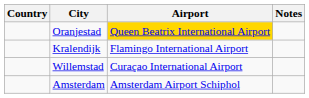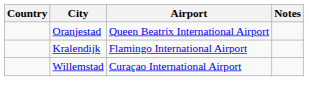 <table class="sortable wikitable">
 <tr>
 <th>Country</th>
 <th>City</th>
 <th>Airport</th>
 <th>Notes</th>
 </tr>
 <tr>
 <td></td>
 <td><a href='#'>Oranjestad</a></td>
-<td style="background: gold;"><a href='#'>Queen Beatrix International Airport</a></td>
+<td><a href='#'>Queen Beatrix International Airport</a></td>
 <td></td>
 </tr>
 <tr>
 <td></td>
 <td><a href='#'>Kralendijk</a></td>
 <td><a href='#'>Flamingo International Airport</a></td>
 <td></td>
 </tr>
 <tr>
 <td></td>
 <td><a href='#'>Willemstad</a></td>
 <td><a href='#'>Curaçao International Airport</a></td>
 <td></td>
 </tr>
-<tr>
-<td></td>
-<td><a href='#'>Amsterdam</a></td>
-<td><a href='#'>Amsterdam Airport Schiphol</a></td>
-<td></td>
-</tr>
 </table>
